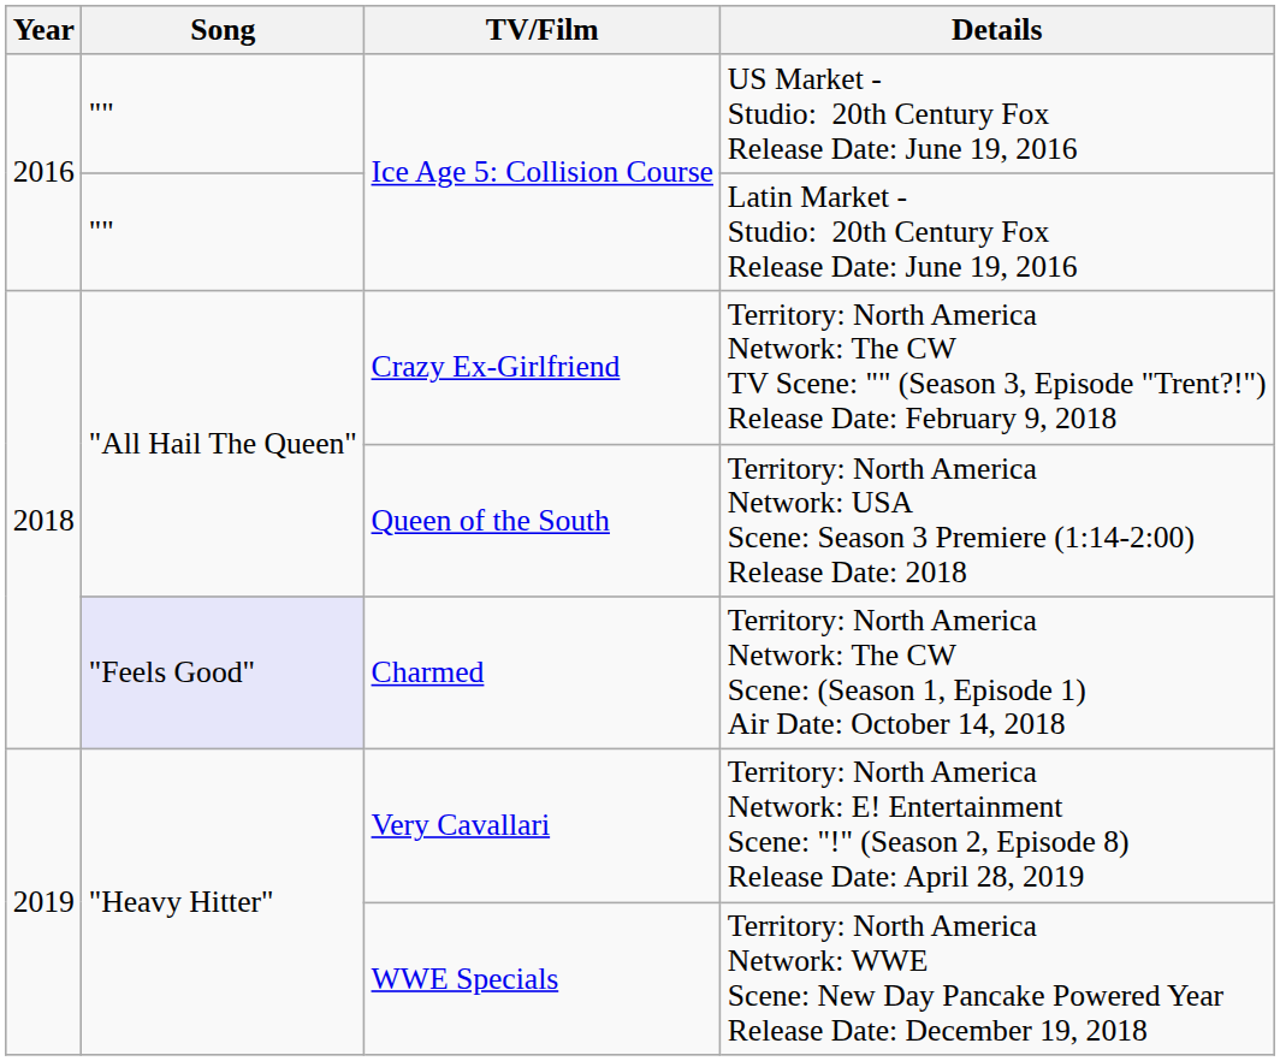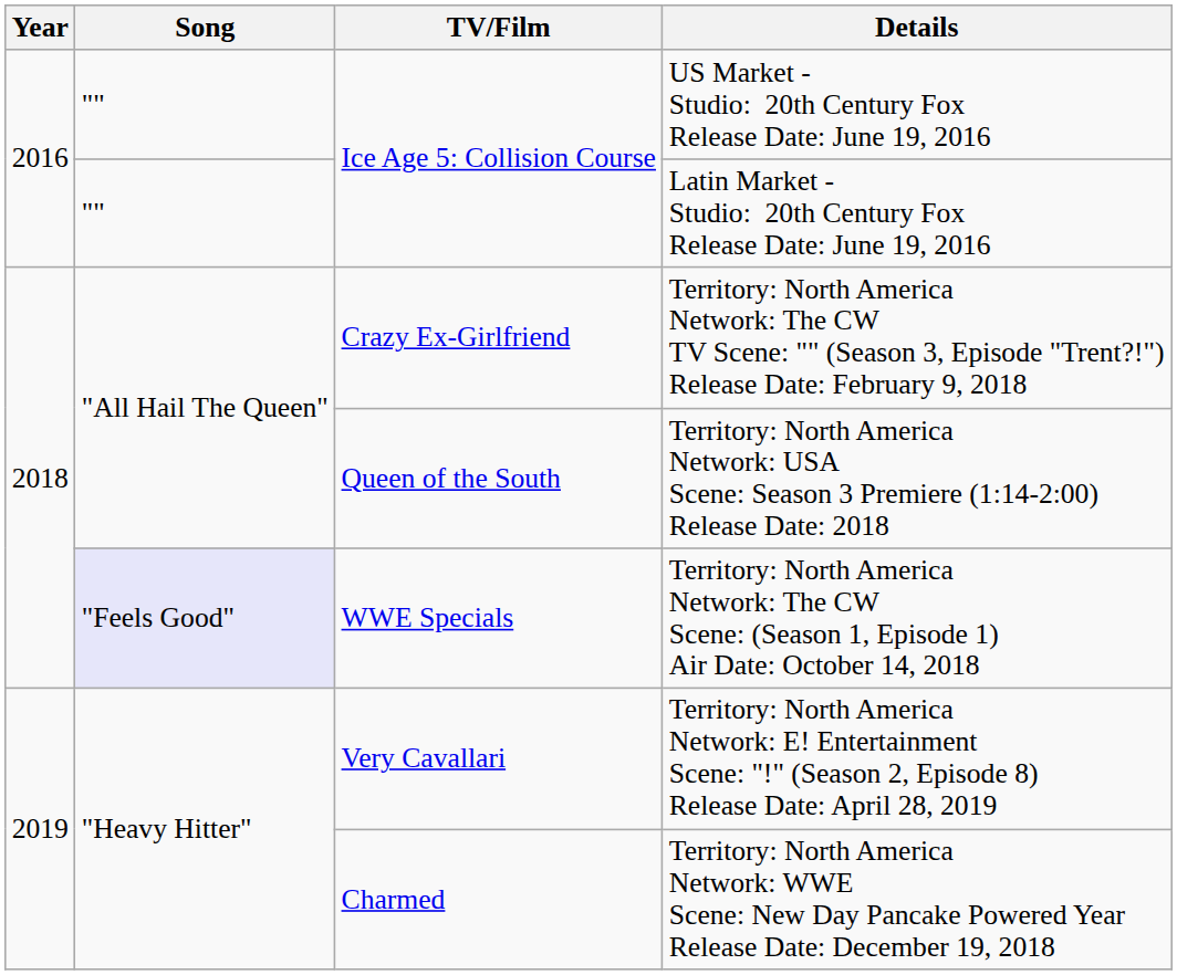 <table class="wikitable">
 <tr>
 <th>Year</th>
 <th>Song</th>
 <th>TV/Film</th>
 <th>Details</th>
 </tr>
 <tr>
 <td rowspan="2">2016</td>
 <td>""</td>
 <td rowspan="2"><a href='#'>Ice Age 5: Collision Course</a></td>
 <td>US Market - <br>Studio:  20th Century Fox<br>Release Date: June 19, 2016</td>
 </tr>
 <tr>
 <td>""</td>
 <td>Latin Market - <br>Studio:  20th Century Fox<br>Release Date: June 19, 2016</td>
 </tr>
 <tr>
 <td rowspan="3">2018</td>
 <td rowspan="2">"All Hail The Queen"</td>
 <td><a href='#'>Crazy Ex-Girlfriend</a></td>
 <td>Territory: North America<br>Network: The CW<br>TV Scene: "" (Season 3, Episode "Trent?!")<br>Release Date: February 9, 2018</td>
 </tr>
 <tr>
 <td><a href='#'>Queen of the South</a></td>
 <td>Territory: North America<br>Network: USA<br>Scene: Season 3 Premiere  (1:14-2:00)<br>Release Date: 2018</td>
 </tr>
 <tr>
 <td style="background: lavender;">"Feels Good"</td>
-<td><a href='#'>Charmed</a></td>
+<td><a href='#'>WWE Specials</a></td>
 <td>Territory: North America<br>Network: The CW<br>Scene:  (Season 1, Episode 1)<br>Air Date: October 14, 2018</td>
 </tr>
 <tr>
 <td rowspan="2">2019</td>
 <td rowspan="2">"Heavy Hitter"</td>
 <td><a href='#'>Very Cavallari</a></td>
 <td>Territory: North America<br>Network: E! Entertainment<br>Scene: "!" (Season 2, Episode 8)<br>Release Date: April 28, 2019</td>
 </tr>
 <tr>
-<td><a href='#'>WWE Specials</a></td>
+<td><a href='#'>Charmed</a></td>
 <td>Territory: North America<br>Network: WWE<br>Scene: New Day Pancake Powered Year    <br>Release Date: December 19, 2018</td>
 </tr>
 </table>
